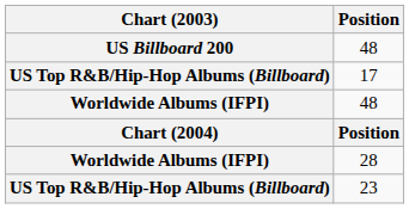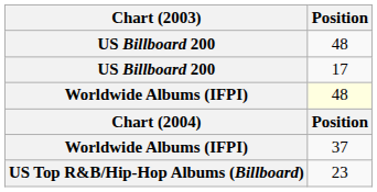 <table class="wikitable sortable plainrowheaders">
 <tr>
 <th scope="col">Chart (2003)</th>
 <th scope="col">Position</th>
 </tr>
 <tr>
 <th scope="row">US <em>Billboard</em> 200</th>
 <td style="text-align:center;">48</td>
 </tr>
 <tr>
-<th scope="row">US Top R&B/Hip-Hop Albums (<em>Billboard</em>)</th>
+<th scope="row">US <em>Billboard</em> 200</th>
 <td style="text-align:center;">17</td>
 </tr>
 <tr>
 <th scope="row">Worldwide Albums (IFPI)</th>
-<td style="text-align:center;">48</td>
+<td style="background: lightyellow; text-align:center;">48</td>
 </tr>
 <tr>
 <th scope="col">Chart (2004)</th>
 <th scope="col">Position</th>
 </tr>
 <tr>
 <th scope="row">Worldwide Albums (IFPI)</th>
-<td style="text-align:center;">28</td>
+<td style="text-align:center;">37</td>
 </tr>
 <tr>
 <th scope="row">US Top R&B/Hip-Hop Albums (<em>Billboard</em>)</th>
 <td style="text-align:center;">23</td>
 </tr>
 </table>
